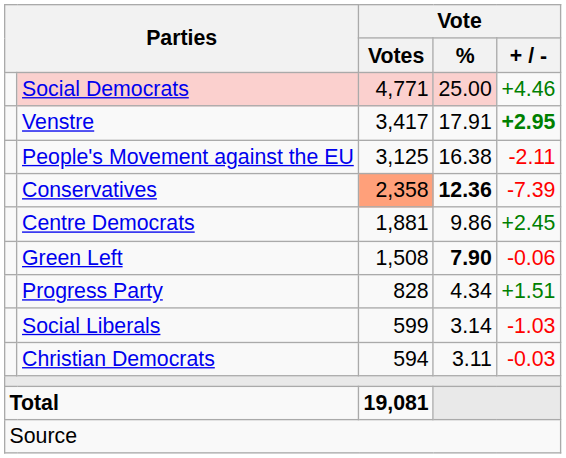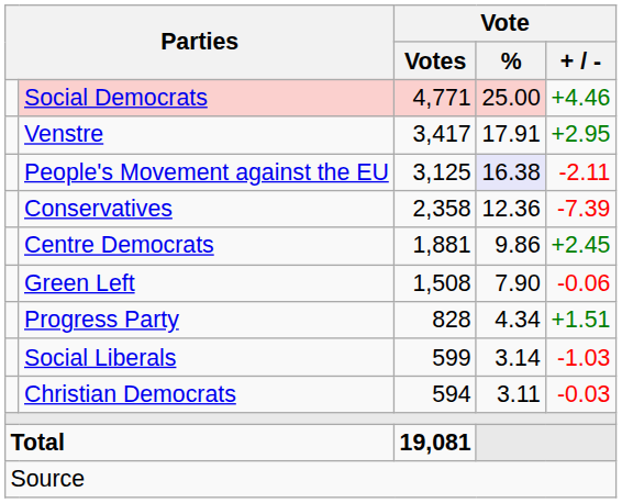 <table class="wikitable" style="text-align:right;">
 <tr>
 <th style="text-align:centre;" rowspan="2" colspan="2" width="225">Parties</th>
 <th colspan="3">Vote</th>
 </tr>
 <tr>
 <th width="15">Votes</th>
 <th width="15">%</th>
 <th width="15">+ / -</th>
 </tr>
 <tr>
 <td width="2" style="color:inherit;background:"></td>
 <td bgcolor=#fbd0ce   align="left"><a href='#'>Social Democrats</a></td>
 <td bgcolor=#fbd0ce>4,771</td>
 <td bgcolor=#fbd0ce>25.00</td>
 <td style=color:green;>+4.46</td>
 </tr>
 <tr>
 <td width="2" style="color:inherit;background:"></td>
 <td align="left"><a href='#'>Venstre</a></td>
 <td>3,417</td>
 <td>17.91</td>
-<td style=color:green;><strong>+2.95</strong></td>
+<td style=color:green;>+2.95</td>
 </tr>
 <tr>
 <td width="2" style="color:inherit;background:"></td>
 <td align="left"><a href='#'>People's Movement against the EU</a></td>
 <td>3,125</td>
-<td>16.38</td>
+<td style="background: lavender;">16.38</td>
 <td style=color:red;>-2.11</td>
 </tr>
 <tr>
 <td width="2" style="color:inherit;background:"></td>
 <td align="left"><a href='#'>Conservatives</a></td>
-<td style="background: lightsalmon;">2,358</td>
-<td><strong>12.36</strong></td>
+<td>2,358</td>
+<td>12.36</td>
 <td style=color:red;>-7.39</td>
 </tr>
 <tr>
 <td width="2" style="color:inherit;background:"></td>
 <td align="left"><a href='#'>Centre Democrats</a></td>
 <td>1,881</td>
 <td>9.86</td>
 <td style=color:green;>+2.45</td>
 </tr>
 <tr>
 <td width="2" style="color:inherit;background:"></td>
 <td align="left"><a href='#'>Green Left</a></td>
 <td>1,508</td>
-<td><strong>7.90</strong></td>
+<td>7.90</td>
 <td style=color:red;>-0.06</td>
 </tr>
 <tr>
 <td width="2" style="color:inherit;background:"></td>
 <td align="left"><a href='#'>Progress Party</a></td>
 <td>828</td>
 <td>4.34</td>
 <td style=color:green;>+1.51</td>
 </tr>
 <tr>
 <td width="2" style="color:inherit;background:"></td>
 <td align="left"><a href='#'>Social Liberals</a></td>
 <td>599</td>
 <td>3.14</td>
 <td style=color:red;>-1.03</td>
 </tr>
 <tr>
 <td width="2" style="color:inherit;background:"></td>
 <td align="left"><a href='#'>Christian Democrats</a></td>
 <td>594</td>
 <td>3.11</td>
 <td style=color:red;>-0.03</td>
 </tr>
 <tr>
 <td colspan="7" bgcolor="#E9E9E9"></td>
 </tr>
 <tr>
 <td align="left" colspan="2"><strong>Total</strong></td>
 <td><strong>19,081</strong></td>
 <td bgcolor="#E9E9E9" colspan="2"></td>
 </tr>
 <tr>
 <td align="left" colspan="6">Source</td>
 </tr>
 </table>
